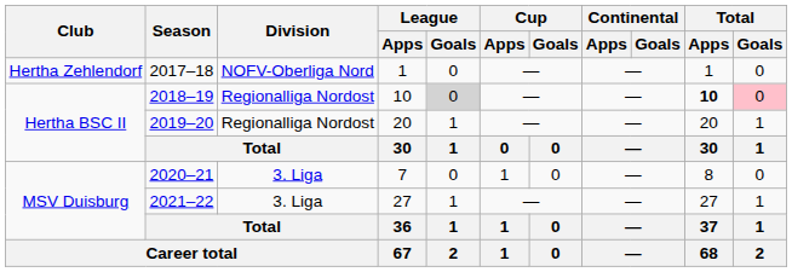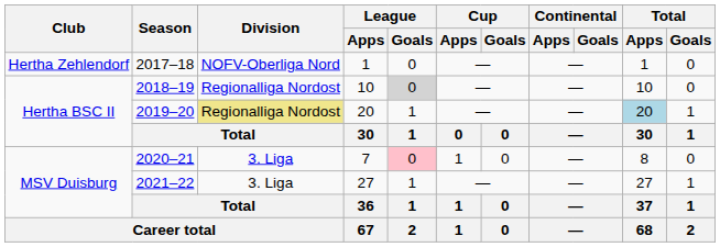 <table class="wikitable" style="text-align:center">
 <tr>
 <th rowspan="2">Club</th>
 <th rowspan="2">Season</th>
 <th rowspan="2">Division</th>
 <th colspan="2">League</th>
 <th colspan="2">Cup</th>
 <th colspan="2">Continental</th>
 <th colspan="2">Total</th>
 </tr>
 <tr>
 <th>Apps</th>
 <th>Goals</th>
 <th>Apps</th>
 <th>Goals</th>
 <th>Apps</th>
 <th>Goals</th>
 <th>Apps</th>
 <th>Goals</th>
 </tr>
 <tr>
 <td><a href='#'>Hertha Zehlendorf</a></td>
 <td>2017–18</td>
 <td><a href='#'>NOFV-Oberliga Nord</a></td>
 <td>1</td>
 <td>0</td>
 <td colspan="2">—</td>
 <td colspan="2">—</td>
 <td>1</td>
 <td>0</td>
 </tr>
 <tr>
 <td rowspan="3"><a href='#'>Hertha BSC II</a></td>
 <td><a href='#'>2018–19</a></td>
 <td><a href='#'>Regionalliga Nordost</a></td>
 <td>10</td>
 <td style="background: lightgrey;">0</td>
 <td colspan="2">—</td>
 <td colspan="2">—</td>
-<td><strong>10</strong></td>
-<td style="background: pink;">0</td>
+<td>10</td>
+<td>0</td>
 </tr>
 <tr>
 <td><a href='#'>2019–20</a></td>
-<td>Regionalliga Nordost</td>
+<td style="background: khaki;">Regionalliga Nordost</td>
 <td>20</td>
 <td>1</td>
 <td colspan="2">—</td>
 <td colspan="2">—</td>
-<td>20</td>
+<td style="background: lightblue;">20</td>
 <td>1</td>
 </tr>
 <tr>
 <th colspan="2">Total</th>
 <th>30</th>
 <th>1</th>
 <th>0</th>
 <th>0</th>
 <th colspan="2">—</th>
 <th>30</th>
 <th>1</th>
 </tr>
 <tr>
 <td rowspan="3"><a href='#'>MSV Duisburg</a></td>
 <td><a href='#'>2020–21</a></td>
 <td><a href='#'>3. Liga</a></td>
 <td>7</td>
-<td>0</td>
+<td style="background: pink;">0</td>
 <td>1</td>
 <td>0</td>
 <td colspan="2">—</td>
 <td>8</td>
 <td>0</td>
 </tr>
 <tr>
 <td><a href='#'>2021–22</a></td>
 <td>3. Liga</td>
 <td>27</td>
 <td>1</td>
 <td colspan="2">—</td>
 <td colspan="2">—</td>
 <td>27</td>
 <td>1</td>
 </tr>
 <tr>
 <th colspan="2">Total</th>
 <th>36</th>
 <th>1</th>
 <th>1</th>
 <th>0</th>
 <th colspan="2">—</th>
 <th>37</th>
 <th>1</th>
 </tr>
 <tr>
 <th colspan="3">Career total</th>
 <th>67</th>
 <th>2</th>
 <th>1</th>
 <th>0</th>
 <th colspan="2">—</th>
 <th>68</th>
 <th>2</th>
 </tr>
 </table>
